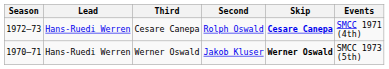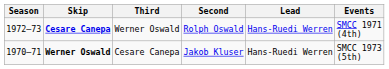 <table class="wikitable">
 <tr>
 <th scope="col">Season</th>
-<th scope="col">Lead</th>
+<th scope="col">Skip</th>
 <th scope="col">Third</th>
 <th scope="col">Second</th>
-<th scope="col">Skip</th>
+<th scope="col">Lead</th>
 <th scope="col">Events</th>
 </tr>
 <tr>
 <td>1972—73</td>
+<td><strong><a href='#'>Cesare Canepa</a></strong></td>
+<td>Werner Oswald</td>
+<td><a href='#'>Rolph Oswald</a></td>
 <td><a href='#'>Hans-Ruedi Werren</a></td>
-<td>Cesare Canepa</td>
-<td><a href='#'>Rolph Oswald</a></td>
-<td><strong><a href='#'>Cesare Canepa</a></strong></td>
 <td><a href='#'>SMCC</a> 1971 <br> (4th)</td>
 </tr>
 <tr>
 <td>1970—71</td>
+<td><strong>Werner Oswald</strong></td>
+<td>Cesare Canepa</td>
+<td><a href='#'>Jakob Kluser</a></td>
 <td>Hans-Ruedi Werren</td>
-<td>Werner Oswald</td>
-<td><a href='#'>Jakob Kluser</a></td>
-<td><strong>Werner Oswald</strong></td>
 <td>SMCC 1973 <br> (5th)</td>
 </tr>
 </table>
